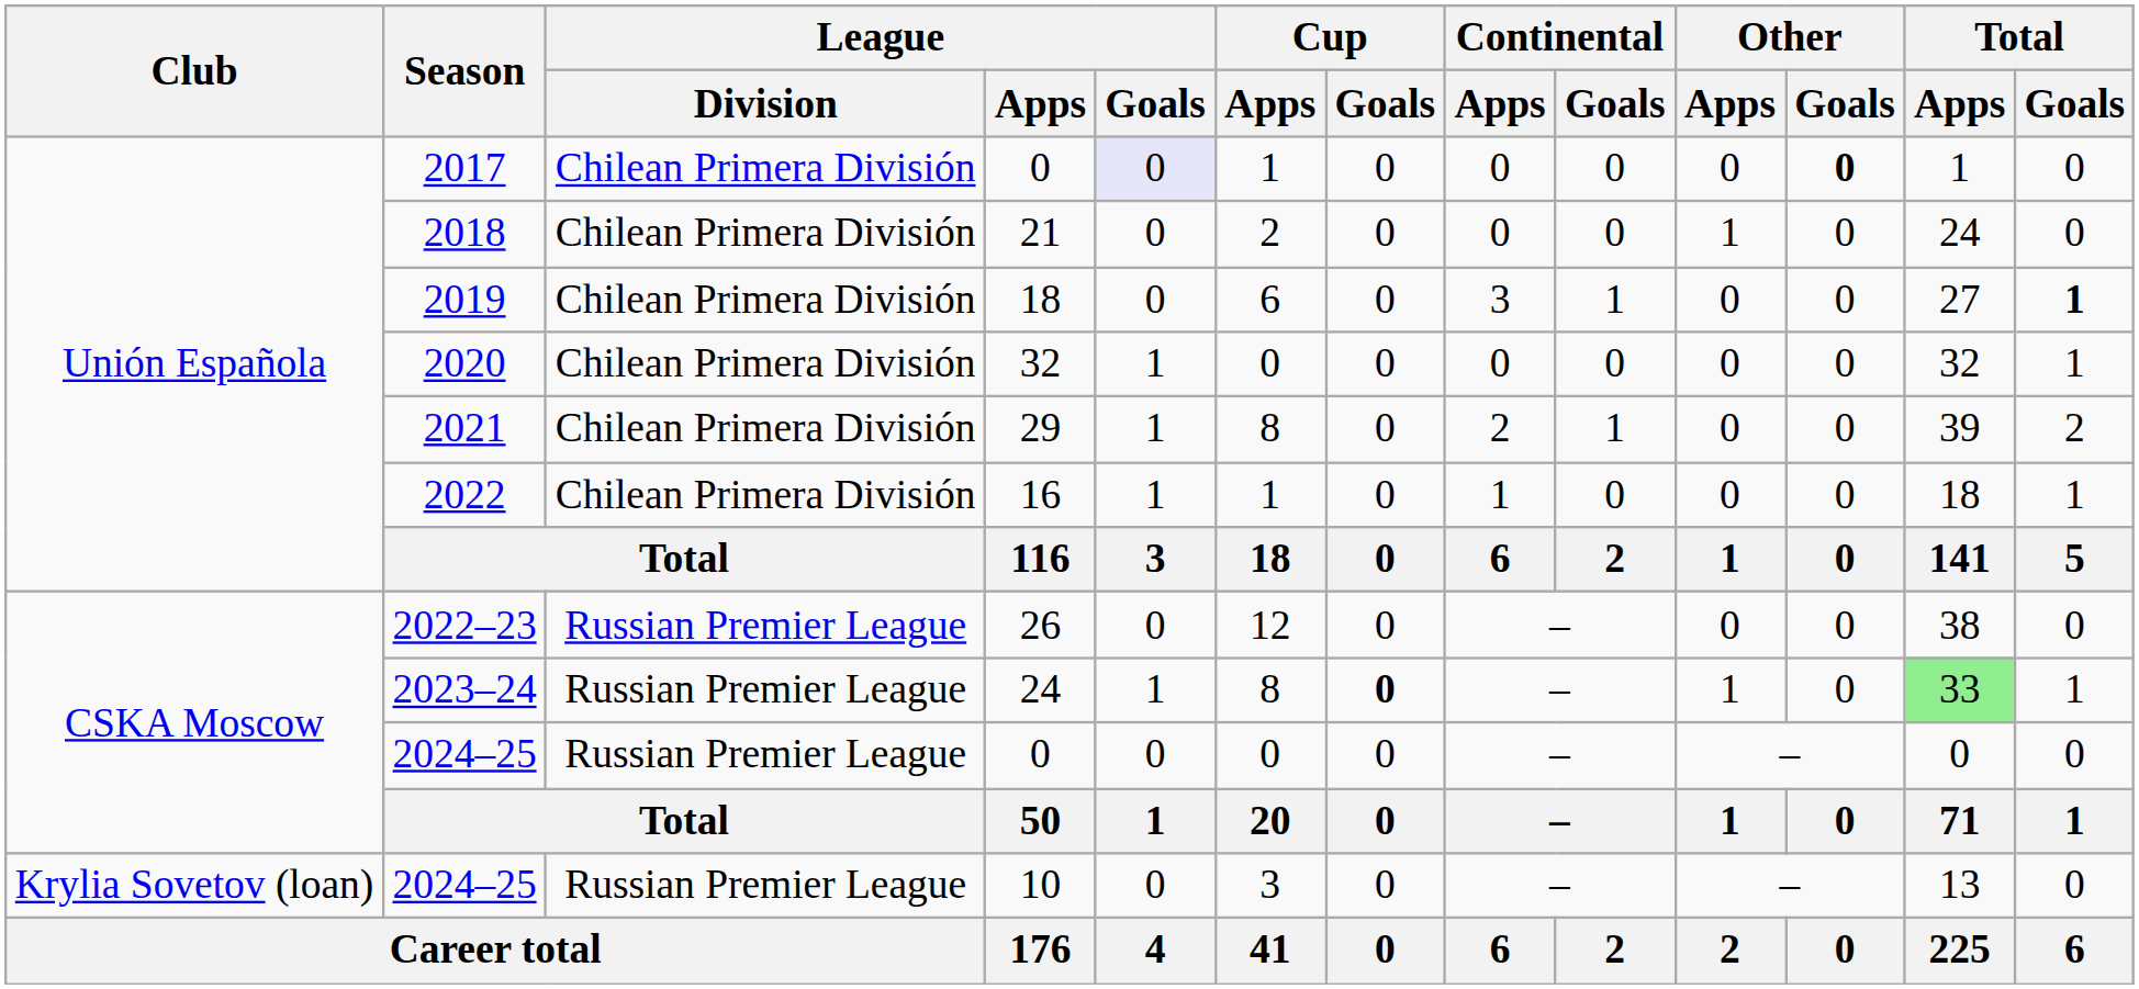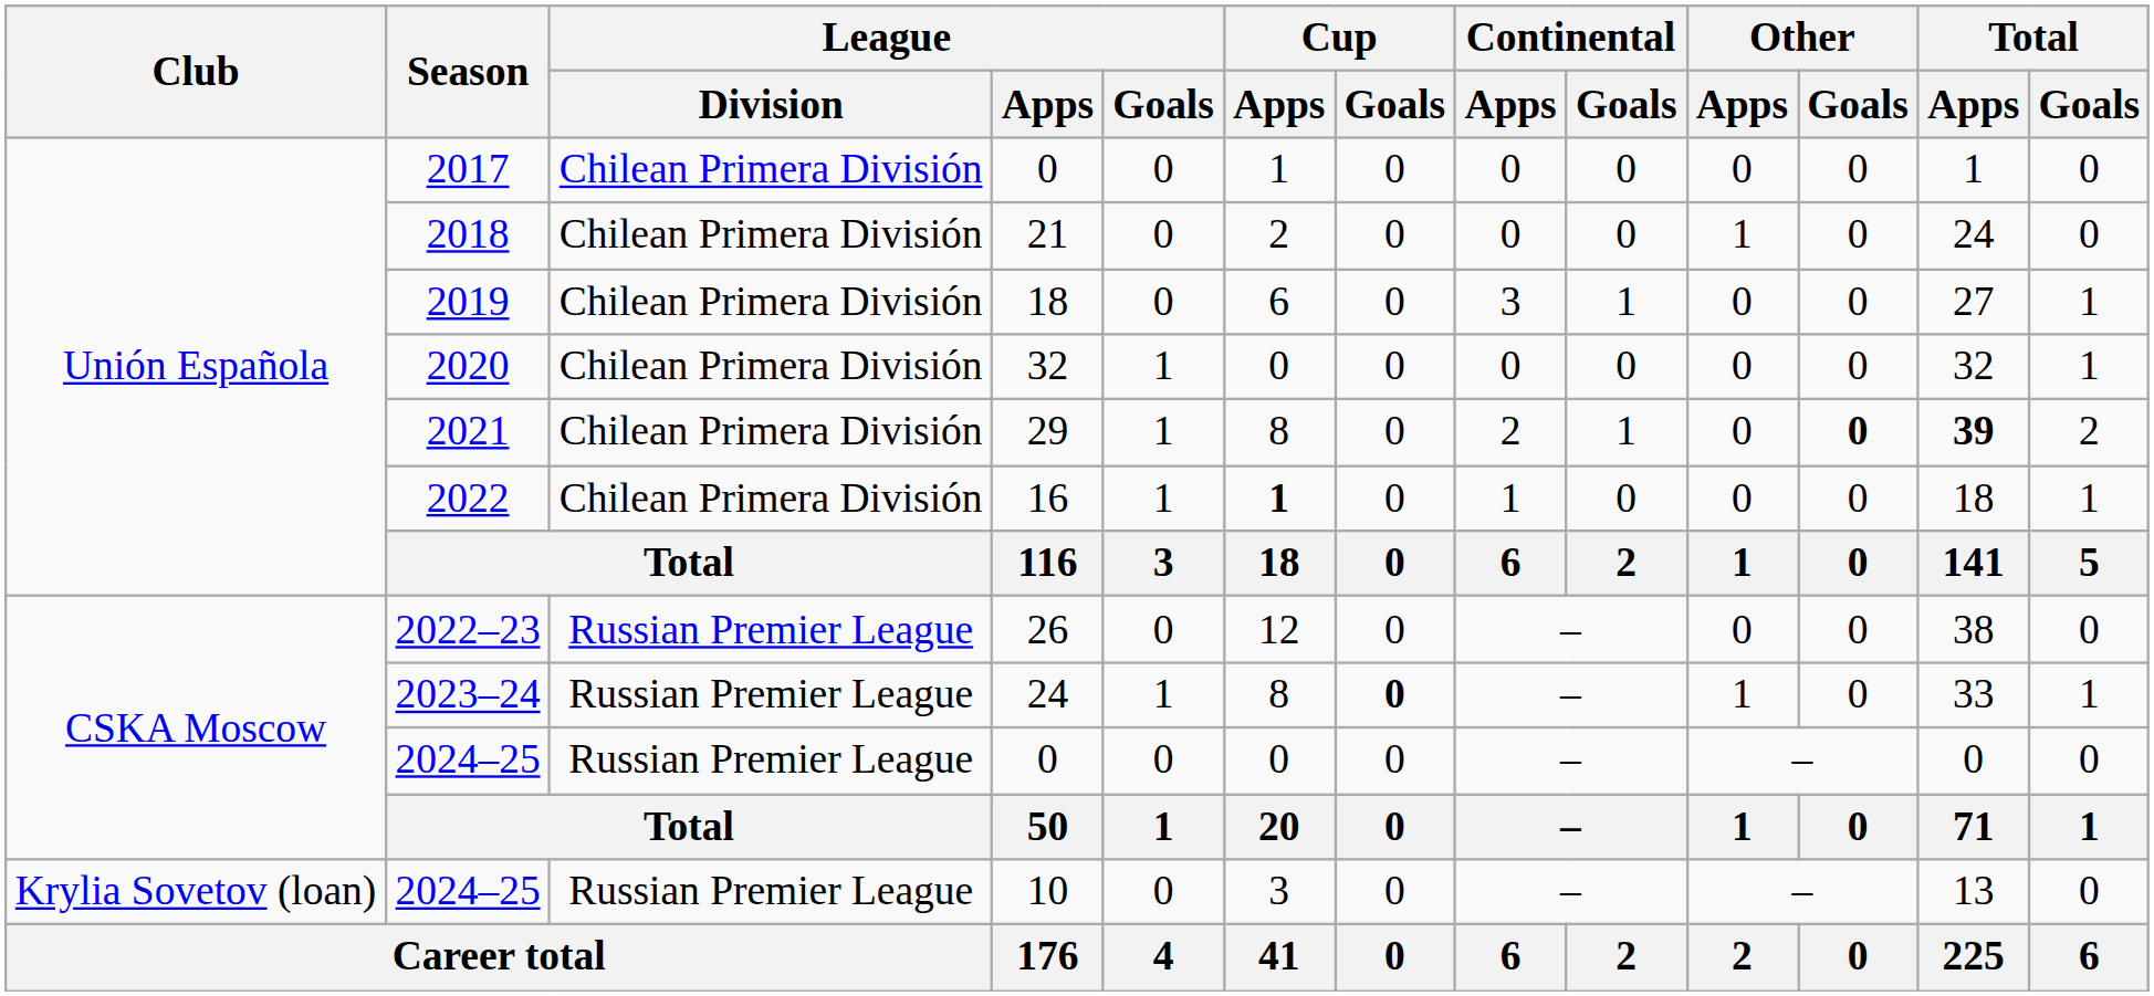 <table class="wikitable" style="text-align:center">
 <tr>
 <th rowspan="2">Club</th>
 <th rowspan="2">Season</th>
 <th colspan="3">League</th>
 <th colspan="2">Cup</th>
 <th colspan="2">Continental</th>
 <th colspan="2">Other</th>
 <th colspan="2">Total</th>
 </tr>
 <tr>
 <th>Division</th>
 <th>Apps</th>
 <th>Goals</th>
 <th>Apps</th>
 <th>Goals</th>
 <th>Apps</th>
 <th>Goals</th>
 <th>Apps</th>
 <th>Goals</th>
 <th>Apps</th>
 <th>Goals</th>
 </tr>
 <tr>
 <td rowspan="7"><a href='#'>Unión Española</a></td>
 <td><a href='#'>2017</a></td>
 <td><a href='#'>Chilean Primera División</a></td>
 <td>0</td>
-<td style="background: lavender;">0</td>
+<td>0</td>
 <td>1</td>
 <td>0</td>
 <td>0</td>
 <td>0</td>
 <td>0</td>
-<td><strong>0</strong></td>
+<td>0</td>
 <td>1</td>
 <td>0</td>
 </tr>
 <tr>
 <td><a href='#'>2018</a></td>
 <td>Chilean Primera División</td>
 <td>21</td>
 <td>0</td>
 <td>2</td>
 <td>0</td>
 <td>0</td>
 <td>0</td>
 <td>1</td>
 <td>0</td>
 <td>24</td>
 <td>0</td>
 </tr>
 <tr>
 <td><a href='#'>2019</a></td>
 <td>Chilean Primera División</td>
 <td>18</td>
 <td>0</td>
 <td>6</td>
 <td>0</td>
 <td>3</td>
 <td>1</td>
 <td>0</td>
 <td>0</td>
 <td>27</td>
-<td><strong>1</strong></td>
+<td>1</td>
 </tr>
 <tr>
 <td><a href='#'>2020</a></td>
 <td>Chilean Primera División</td>
 <td>32</td>
 <td>1</td>
 <td>0</td>
 <td>0</td>
 <td>0</td>
 <td>0</td>
 <td>0</td>
 <td>0</td>
 <td>32</td>
 <td>1</td>
 </tr>
 <tr>
 <td><a href='#'>2021</a></td>
 <td>Chilean Primera División</td>
 <td>29</td>
 <td>1</td>
 <td>8</td>
 <td>0</td>
 <td>2</td>
 <td>1</td>
 <td>0</td>
-<td>0</td>
-<td>39</td>
+<td><strong>0</strong></td>
+<td><strong>39</strong></td>
 <td>2</td>
 </tr>
 <tr>
 <td><a href='#'>2022</a></td>
 <td>Chilean Primera División</td>
 <td>16</td>
 <td>1</td>
-<td>1</td>
+<td><strong>1</strong></td>
 <td>0</td>
 <td>1</td>
 <td>0</td>
 <td>0</td>
 <td>0</td>
 <td>18</td>
 <td>1</td>
 </tr>
 <tr>
 <th colspan="2">Total</th>
 <th>116</th>
 <th>3</th>
 <th>18</th>
 <th>0</th>
 <th>6</th>
 <th>2</th>
 <th>1</th>
 <th>0</th>
 <th>141</th>
 <th>5</th>
 </tr>
 <tr>
 <td rowspan="4"><a href='#'>CSKA Moscow</a></td>
 <td><a href='#'>2022–23</a></td>
 <td><a href='#'>Russian Premier League</a></td>
 <td>26</td>
 <td>0</td>
 <td>12</td>
 <td>0</td>
 <td colspan=2>–</td>
 <td>0</td>
 <td>0</td>
 <td>38</td>
 <td>0</td>
 </tr>
 <tr>
 <td><a href='#'>2023–24</a></td>
 <td>Russian Premier League</td>
 <td>24</td>
 <td>1</td>
 <td>8</td>
 <td><strong>0</strong></td>
 <td colspan=2>–</td>
 <td>1</td>
 <td>0</td>
-<td style="background: lightgreen;">33</td>
+<td>33</td>
 <td>1</td>
 </tr>
 <tr>
 <td><a href='#'>2024–25</a></td>
 <td>Russian Premier League</td>
 <td>0</td>
 <td>0</td>
 <td>0</td>
 <td>0</td>
 <td colspan=2>–</td>
 <td colspan=2>–</td>
 <td>0</td>
 <td>0</td>
 </tr>
 <tr>
 <th colspan="2">Total</th>
 <th>50</th>
 <th>1</th>
 <th>20</th>
 <th>0</th>
 <th colspan=2>–</th>
 <th>1</th>
 <th>0</th>
 <th>71</th>
 <th>1</th>
 </tr>
 <tr>
 <td><a href='#'>Krylia Sovetov</a> (loan)</td>
 <td><a href='#'>2024–25</a></td>
 <td>Russian Premier League</td>
 <td>10</td>
 <td>0</td>
 <td>3</td>
 <td>0</td>
 <td colspan=2>–</td>
 <td colspan=2>–</td>
 <td>13</td>
 <td>0</td>
 </tr>
 <tr>
 <th colspan="3">Career total</th>
 <th>176</th>
 <th>4</th>
 <th>41</th>
 <th>0</th>
 <th>6</th>
 <th>2</th>
 <th>2</th>
 <th>0</th>
 <th>225</th>
 <th>6</th>
 </tr>
 </table>
